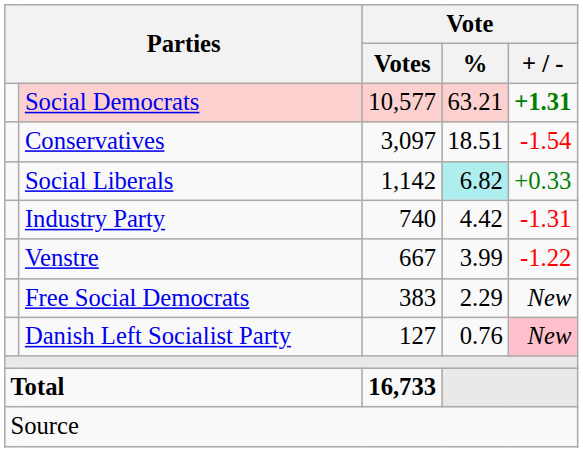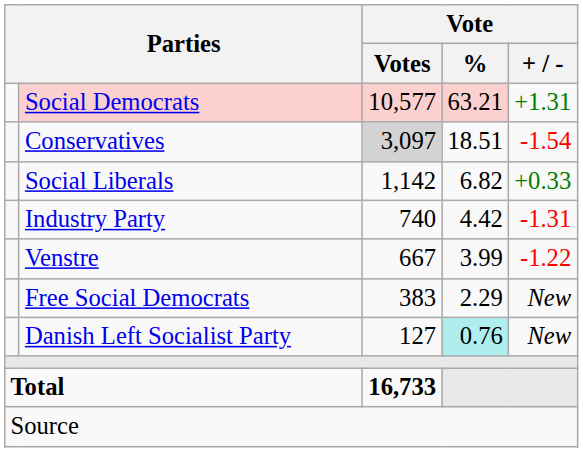 <table class="wikitable" style="text-align:right;">
 <tr>
 <th style="text-align:centre;" rowspan="2" colspan="2" width="225">Parties</th>
 <th colspan="3">Vote</th>
 </tr>
 <tr>
 <th width="15">Votes</th>
 <th width="15">%</th>
 <th width="15">+ / -</th>
 </tr>
 <tr>
 <td width="2" style="color:inherit;background:"></td>
 <td bgcolor=#fbd0ce  align="left"><a href='#'>Social Democrats</a></td>
 <td bgcolor=#fbd0ce>10,577</td>
 <td bgcolor=#fbd0ce>63.21</td>
-<td style=color:green;><strong>+1.31</strong></td>
+<td style=color:green;>+1.31</td>
 </tr>
 <tr>
 <td width="2" style="color:inherit;background:"></td>
 <td align="left"><a href='#'>Conservatives</a></td>
-<td>3,097</td>
+<td style="background: lightgrey;">3,097</td>
 <td>18.51</td>
 <td style=color:red;>-1.54</td>
 </tr>
 <tr>
 <td width="2" style="color:inherit;background:"></td>
 <td align="left"><a href='#'>Social Liberals</a></td>
 <td>1,142</td>
-<td style="background: paleturquoise;">6.82</td>
+<td>6.82</td>
 <td style=color:green;>+0.33</td>
 </tr>
 <tr>
 <td width="2" style="color:inherit;background:"></td>
 <td align="left"><a href='#'>Industry Party</a></td>
 <td>740</td>
 <td>4.42</td>
 <td style=color:red;>-1.31</td>
 </tr>
 <tr>
 <td width="2" style="color:inherit;background:"></td>
 <td align="left"><a href='#'>Venstre</a></td>
 <td>667</td>
 <td>3.99</td>
 <td style=color:red;>-1.22</td>
 </tr>
 <tr>
 <td width="2" style="color:inherit;background:"></td>
 <td align="left"><a href='#'>Free Social Democrats</a></td>
 <td>383</td>
 <td>2.29</td>
 <td><em>New</em></td>
 </tr>
 <tr>
 <td width="2" style="color:inherit;background:"></td>
 <td align="left"><a href='#'>Danish Left Socialist Party</a></td>
 <td>127</td>
-<td>0.76</td>
-<td style="background: pink;"><em>New</em></td>
+<td style="background: paleturquoise;">0.76</td>
+<td><em>New</em></td>
 </tr>
 <tr>
 <td colspan="7" bgcolor="#E9E9E9"></td>
 </tr>
 <tr>
 <td align="left" colspan="2"><strong>Total</strong></td>
 <td><strong>16,733</strong></td>
 <td bgcolor="#E9E9E9" colspan="2"></td>
 </tr>
 <tr>
 <td align="left" colspan="6">Source</td>
 </tr>
 </table>
